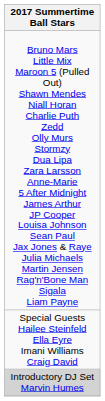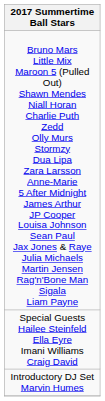 <table class="wikitable">
 <tr>
 <th>2017 Summertime Ball Stars</th>
 </tr>
 <tr>
 <td style="text-align:center; vertical-align:top; width:150px;"><br><a href='#'>Bruno Mars</a> <br><a href='#'>Little Mix</a> <br><a href='#'>Maroon 5</a> (Pulled Out) <br><a href='#'>Shawn Mendes</a> <br><a href='#'>Niall Horan</a> <br><a href='#'>Charlie Puth</a> <br><a href='#'>Zedd</a> <br><a href='#'>Olly Murs</a> <br><a href='#'>Stormzy</a> <br><a href='#'>Dua Lipa</a> <br><a href='#'>Zara Larsson</a> <br><a href='#'>Anne-Marie</a> <br><a href='#'>5 After Midnight</a> <br><a href='#'>James Arthur</a> <br><a href='#'>JP Cooper</a> <br><a href='#'>Louisa Johnson</a> <br><a href='#'>Sean Paul</a> <br><a href='#'>Jax Jones</a> & <a href='#'>Raye</a> <br><a href='#'>Julia Michaels</a> <br><a href='#'>Martin Jensen</a> <br><a href='#'>Rag'n'Bone Man</a> <br><a href='#'>Sigala</a> <br><a href='#'>Liam Payne</a></td>
 </tr>
 <tr>
 <td style="text-align:center; vertical-align:top; width:150px;">Special Guests<br><a href='#'>Hailee Steinfeld</a> <br><a href='#'>Ella Eyre</a> <br>Imani Williams <br><a href='#'>Craig David</a></td>
 </tr>
 <tr>
-<td style="background: lightgrey; text-align:center; vertical-align:top; width:150px;">Introductory DJ Set<br><a href='#'>Marvin Humes</a></td>
+<td style="text-align:center; vertical-align:top; width:150px;">Introductory DJ Set<br><a href='#'>Marvin Humes</a></td>
 </tr>
 <tr>
 </tr>
 </table>
